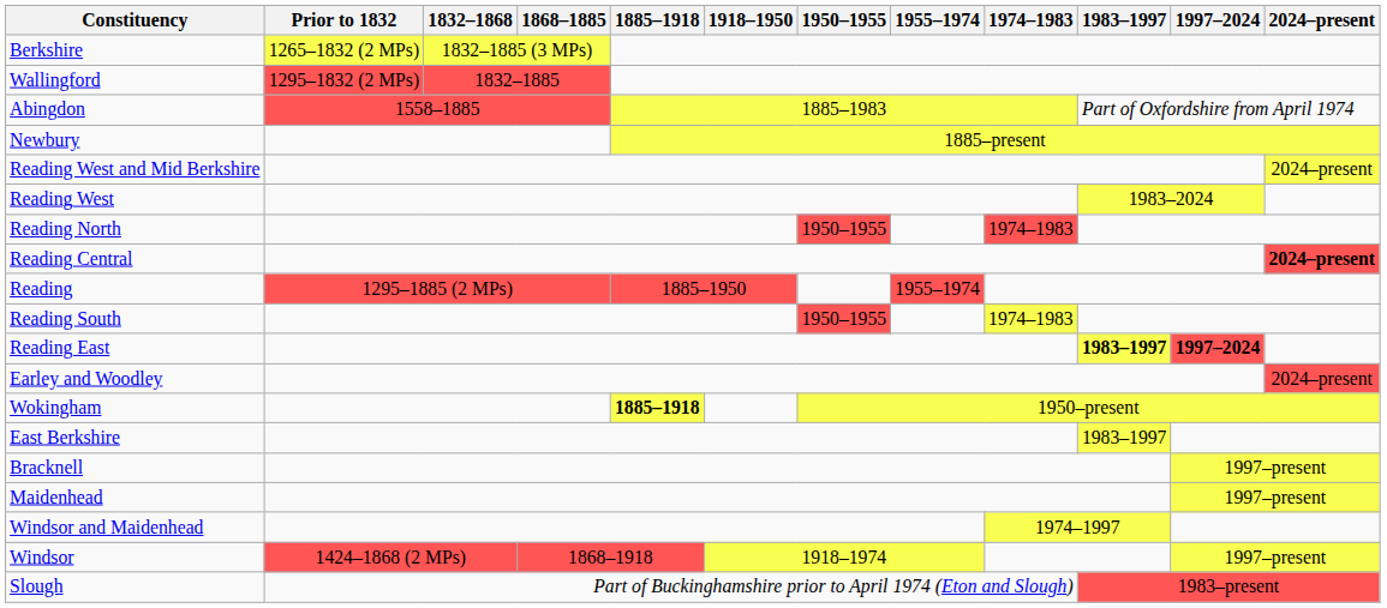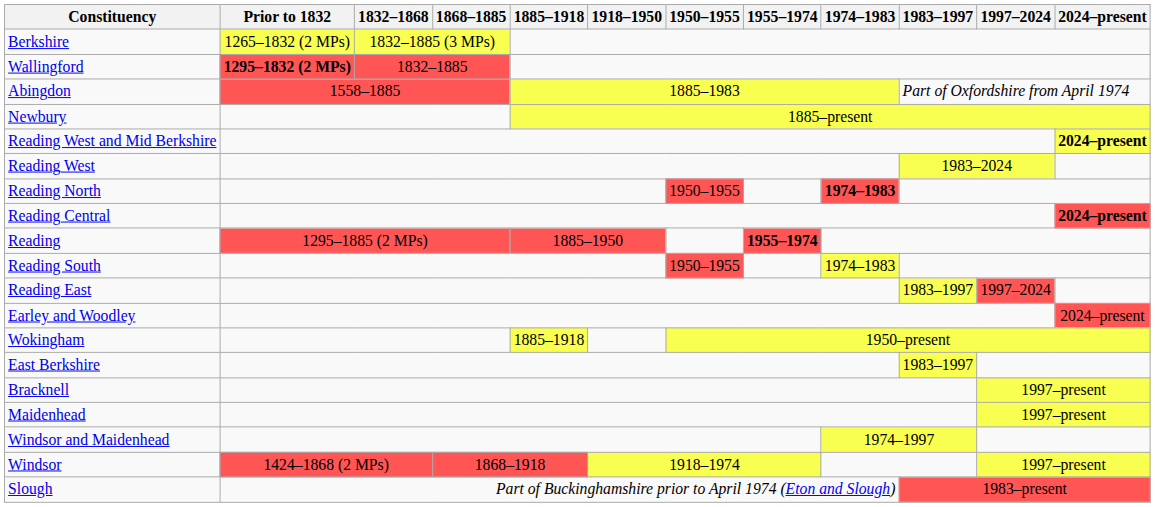 <table class="wikitable">
 <tr>
 <th>Constituency</th>
 <th>Prior to 1832</th>
 <th>1832–1868</th>
 <th>1868–1885</th>
 <th>1885–1918</th>
 <th>1918–1950</th>
 <th>1950–1955</th>
 <th>1955–1974</th>
 <th>1974–1983</th>
 <th>1983–1997</th>
 <th>1997–2024</th>
 <th>2024–present</th>
 </tr>
 <tr>
 <td><a href='#'>Berkshire</a></td>
 <td align="center" bgcolor="#f9ff50">1265–1832 (2 MPs)</td>
 <td align="center" bgcolor="#f9ff50" colspan="2">1832–1885 (3 MPs)</td>
 <td colspan="8"></td>
 </tr>
 <tr>
 <td><a href='#'>Wallingford</a></td>
-<td align="center" bgcolor="#ff5555">1295–1832 (2 MPs)</td>
+<td align="center" bgcolor="#ff5555"><strong>1295–1832 (2 MPs)</strong></td>
 <td align="center" bgcolor="#ff5555" colspan="2">1832–1885</td>
 <td colspan="8"></td>
 </tr>
 <tr>
 <td><a href='#'>Abingdon</a></td>
 <td align="center" bgcolor="#ff5555" colspan="3">1558–1885</td>
 <td align="center" bgcolor="#f9ff50" colspan="5">1885–1983</td>
 <td colspan="3"><em>Part of Oxfordshire from April 1974</em></td>
 </tr>
 <tr>
 <td><a href='#'>Newbury</a></td>
 <td colspan="3"></td>
 <td colspan="8" align="center" bgcolor="#f9ff50">1885–present</td>
 </tr>
 <tr>
 <td><a href='#'>Reading West and Mid Berkshire</a></td>
 <td colspan="10"></td>
-<td align="center" bgcolor="#f9ff50">2024–present</td>
+<td align="center" bgcolor="#f9ff50"><strong>2024–present</strong></td>
 </tr>
 <tr>
 <td><a href='#'>Reading West</a></td>
 <td colspan="8"></td>
 <td colspan="2" align="center" bgcolor="#f9ff50">1983–2024</td>
 <td></td>
 </tr>
 <tr>
 <td><a href='#'>Reading North</a></td>
 <td colspan="5"></td>
 <td align="center" bgcolor="#ff5555">1950–1955</td>
 <td></td>
-<td align="center" bgcolor="#ff5555">1974–1983</td>
+<td align="center" bgcolor="#ff5555"><strong>1974–1983</strong></td>
 <td colspan="3"></td>
 </tr>
 <tr>
 <td><a href='#'>Reading Central</a></td>
 <td colspan="10"></td>
 <td align="center" bgcolor="#ff5555"><strong>2024–present</strong></td>
 </tr>
 <tr>
 <td><a href='#'>Reading</a></td>
 <td colspan="3" align="center" bgcolor="#ff5555">1295–1885 (2 MPs)</td>
 <td colspan="2" align="center" bgcolor="#ff5555">1885–1950</td>
 <td></td>
-<td align="center" bgcolor="#ff5555">1955–1974</td>
+<td align="center" bgcolor="#ff5555"><strong>1955–1974</strong></td>
 <td colspan="4"></td>
 </tr>
 <tr>
 <td><a href='#'>Reading South</a></td>
 <td colspan="5"></td>
 <td align="center" bgcolor="#ff5555">1950–1955</td>
 <td></td>
 <td align="center" bgcolor="#f9ff50">1974–1983</td>
 <td colspan="3"></td>
 </tr>
 <tr>
 <td><a href='#'>Reading East</a></td>
 <td colspan="8"></td>
-<td align="center" bgcolor="#f9ff50"><strong>1983–1997</strong></td>
-<td align="center" bgcolor="#ff5555"><strong>1997–2024</strong></td>
+<td align="center" bgcolor="#f9ff50">1983–1997</td>
+<td align="center" bgcolor="#ff5555">1997–2024</td>
 <td></td>
 </tr>
 <tr>
 <td><a href='#'>Earley and Woodley</a></td>
 <td colspan="10"></td>
 <td align="center" bgcolor="#ff5555">2024–present</td>
 </tr>
 <tr>
 <td><a href='#'>Wokingham</a></td>
 <td colspan="3"></td>
-<td align="center" bgcolor="#f9ff50"><strong>1885–1918</strong></td>
+<td align="center" bgcolor="#f9ff50">1885–1918</td>
 <td></td>
 <td colspan="6" align="center" bgcolor="#f9ff50">1950–present</td>
 </tr>
 <tr>
 <td><a href='#'>East Berkshire</a></td>
 <td colspan="8"></td>
 <td align="center" bgcolor="#f9ff50">1983–1997</td>
 <td colspan="2"></td>
 </tr>
 <tr>
 <td><a href='#'>Bracknell</a></td>
 <td colspan="9"></td>
 <td colspan="2" align="center" bgcolor="#f9ff50">1997–present</td>
 </tr>
 <tr>
 <td><a href='#'>Maidenhead</a></td>
 <td colspan="9"></td>
 <td colspan="2" align="center" bgcolor="#f9ff50">1997–present</td>
 </tr>
 <tr>
 <td><a href='#'>Windsor and Maidenhead</a></td>
 <td colspan="7"></td>
 <td colspan="2" align="center" bgcolor="#f9ff50">1974–1997</td>
 <td colspan="2"></td>
 </tr>
 <tr>
 <td><a href='#'>Windsor</a></td>
 <td colspan="2" align="center" bgcolor="#ff5555">1424–1868 (2 MPs)</td>
 <td colspan="2" align="center" bgcolor="#ff5555">1868–1918</td>
 <td colspan="3" align="center" bgcolor="#f9ff50">1918–1974</td>
 <td colspan="2"></td>
 <td colspan="2" align="center" bgcolor="#f9ff50">1997–present</td>
 </tr>
 <tr>
 <td><a href='#'>Slough</a></td>
 <td colspan="8" align="right"><em>Part of Buckinghamshire prior to April 1974 (<a href='#'>Eton and Slough</a>)</em></td>
 <td colspan="3" align="center" bgcolor="#ff5555">1983–present</td>
 </tr>
 </table>
